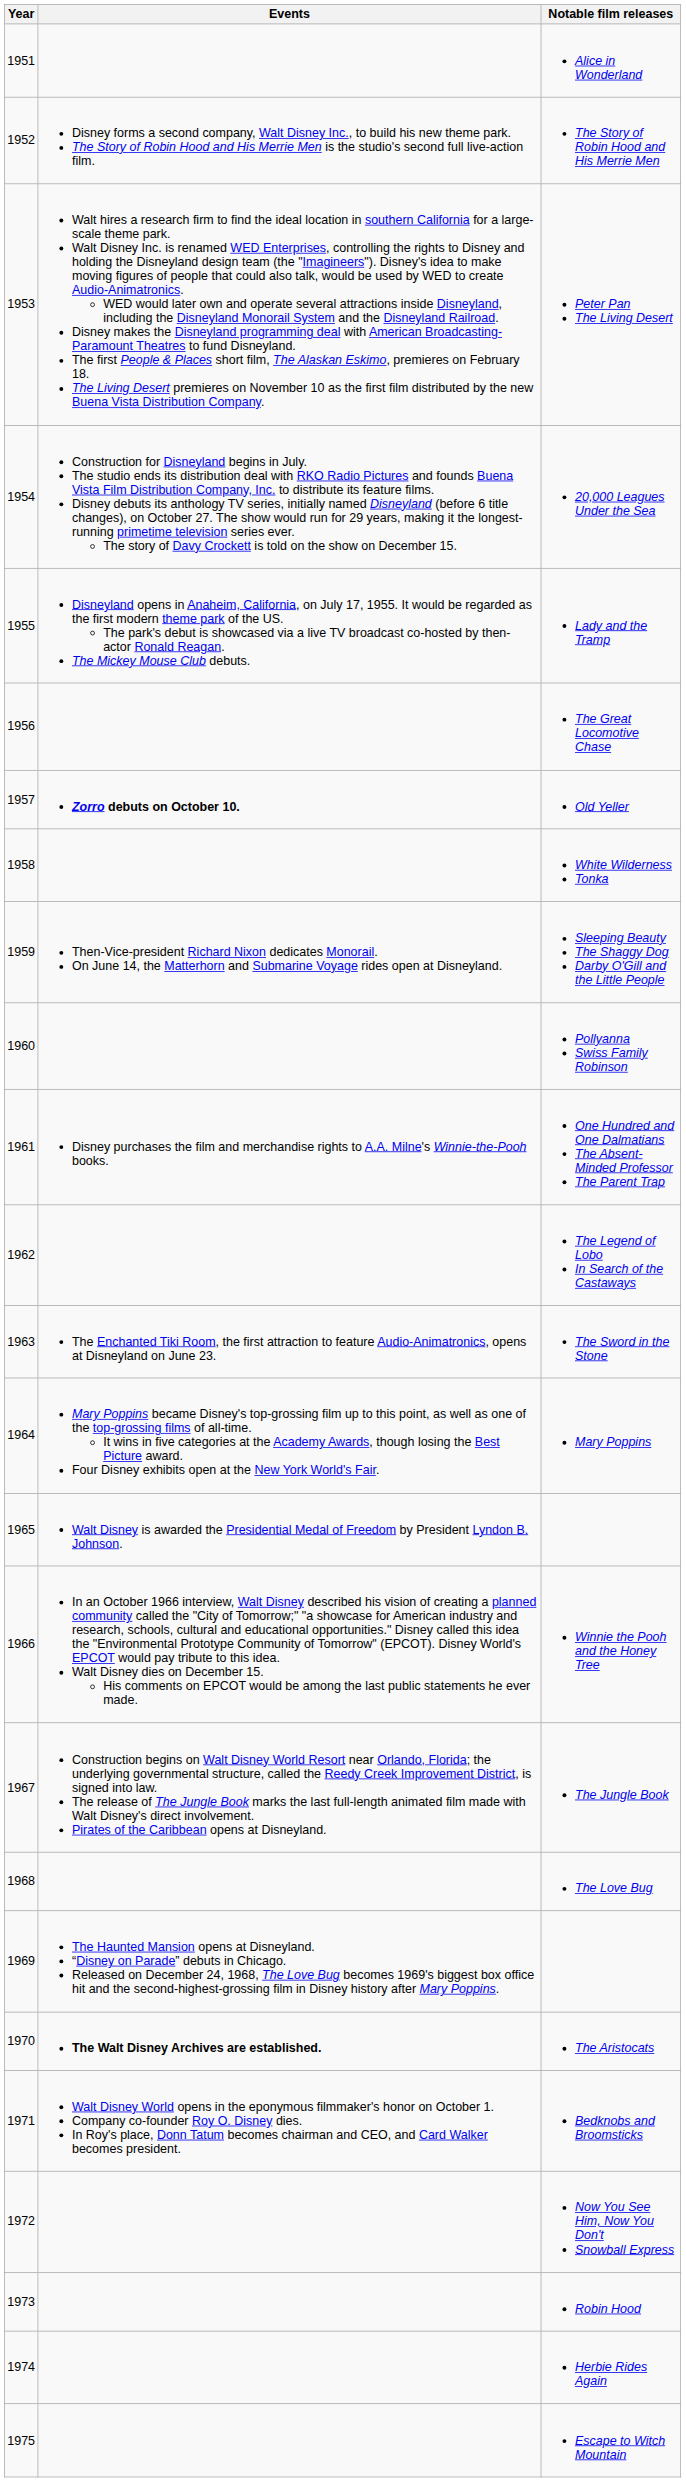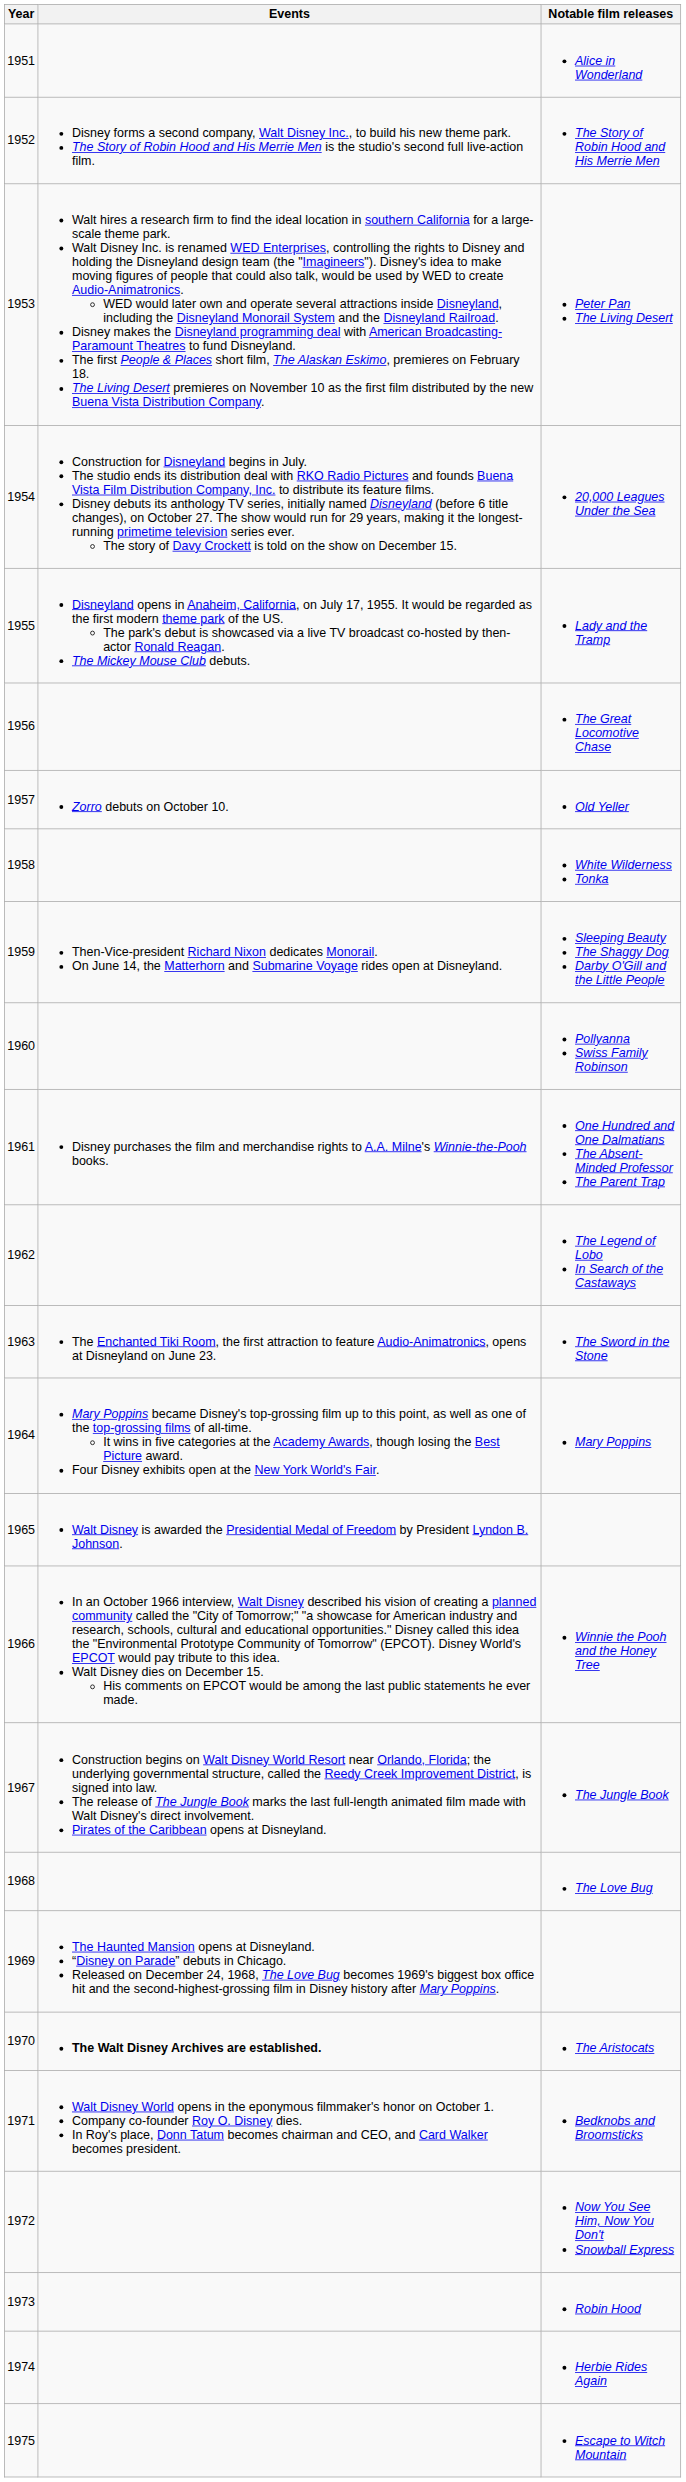 <table class="wikitable">
 <tr>
 <th>Year</th>
 <th>Events</th>
 <th>Notable film releases</th>
 </tr>
 <tr>
 <td>1951</td>
 <td></td>
 <td><br><ul><li><em><a href='#'>Alice in Wonderland</a></em></li></ul></td>
 </tr>
 <tr>
 <td>1952</td>
 <td><br><ul><li>Disney forms a second company, <a href='#'>Walt Disney Inc.</a>, to build his new theme park.</li><li><em><a href='#'>The Story of Robin Hood and His Merrie Men</a></em> is the studio's second full live-action film.</li></ul></td>
 <td><br><ul><li><em><a href='#'>The Story of Robin Hood and His Merrie Men</a></em></li></ul></td>
 </tr>
 <tr>
 <td>1953</td>
 <td><br><ul><li>Walt hires a research firm to find the ideal location in <a href='#'>southern California</a> for a large-scale theme park.</li><li>Walt Disney Inc. is renamed <a href='#'>WED Enterprises</a>, controlling the rights to Disney and holding the Disneyland design team (the "<a href='#'>Imagineers</a>"). Disney's idea to make moving figures of people that could also talk, would be used by WED to create <a href='#'>Audio-Animatronics</a>.<ul><li>WED would later own and operate several attractions inside <a href='#'>Disneyland</a>, including the <a href='#'>Disneyland Monorail System</a> and the <a href='#'>Disneyland Railroad</a>.</li></ul></li><li>Disney makes the <a href='#'>Disneyland programming deal</a> with <a href='#'>American Broadcasting-Paramount Theatres</a> to fund Disneyland.</li><li>The first <em><a href='#'>People & Places</a></em> short film, <em><a href='#'>The Alaskan Eskimo</a></em>, premieres on February 18.</li><li><em><a href='#'>The Living Desert</a></em> premieres on November 10 as the first film distributed by the new <a href='#'>Buena Vista Distribution Company</a>.</li></ul></td>
 <td><br><ul><li><em><a href='#'>Peter Pan</a></em></li><li><em><a href='#'>The Living Desert</a></em></li></ul></td>
 </tr>
 <tr>
 <td>1954</td>
 <td><br><ul><li>Construction for <a href='#'>Disneyland</a> begins in July.</li><li>The studio ends its distribution deal with <a href='#'>RKO Radio Pictures</a> and founds <a href='#'>Buena Vista Film Distribution Company, Inc.</a> to distribute its feature films.</li><li>Disney debuts its anthology TV series, initially named <em><a href='#'>Disneyland</a></em> (before 6 title changes), on October 27. The show would run for 29 years, making it the longest-running <a href='#'>primetime television</a> series ever.<ul><li>The story of <a href='#'>Davy Crockett</a> is told on the show on December 15.</li></ul></li></ul></td>
 <td><br><ul><li><em><a href='#'>20,000 Leagues Under the Sea</a></em></li></ul></td>
 </tr>
 <tr>
 <td>1955</td>
 <td><br><ul><li><a href='#'>Disneyland</a> opens in <a href='#'>Anaheim, California</a>, on July 17, 1955. It would be regarded as the first modern <a href='#'>theme park</a> of the US.<ul><li>The park's debut is showcased via a live TV broadcast co-hosted by then-actor <a href='#'>Ronald Reagan</a>.</li></ul></li><li><em><a href='#'>The Mickey Mouse Club</a></em> debuts.</li></ul></td>
 <td><br><ul><li><em><a href='#'>Lady and the Tramp</a></em></li></ul></td>
 </tr>
 <tr>
 <td>1956</td>
 <td></td>
 <td><br><ul><li><em><a href='#'>The Great Locomotive Chase</a></em></li></ul></td>
 </tr>
 <tr>
 <td>1957</td>
-<td><strong><br><ul><li><em><a href='#'>Zorro</a></em> debuts on October 10.</li></ul></strong></td>
+<td><br><ul><li><em><a href='#'>Zorro</a></em> debuts on October 10.</li></ul></td>
 <td><br><ul><li><em><a href='#'>Old Yeller</a></em></li></ul></td>
 </tr>
 <tr>
 <td>1958</td>
 <td></td>
 <td><br><ul><li><em><a href='#'>White Wilderness</a></em></li><li><em><a href='#'>Tonka</a></em></li></ul></td>
 </tr>
 <tr>
 <td>1959</td>
 <td><br><ul><li>Then-Vice-president <a href='#'>Richard Nixon</a> dedicates <a href='#'>Monorail</a>.</li><li>On June 14, the <a href='#'>Matterhorn</a> and <a href='#'>Submarine Voyage</a> rides open at Disneyland.</li></ul></td>
 <td><br><ul><li><em><a href='#'>Sleeping Beauty</a></em></li><li><em><a href='#'>The Shaggy Dog</a></em></li><li><em><a href='#'>Darby O'Gill and the Little People</a></em></li></ul></td>
 </tr>
 <tr>
 <td>1960</td>
 <td></td>
 <td><br><ul><li><em><a href='#'>Pollyanna</a></em></li><li><em><a href='#'>Swiss Family Robinson</a></em></li></ul></td>
 </tr>
 <tr>
 <td>1961</td>
 <td><br><ul><li>Disney purchases the film and merchandise rights to <a href='#'>A.A. Milne</a>'s <em><a href='#'>Winnie-the-Pooh</a></em> books.</li></ul></td>
 <td><br><ul><li><em><a href='#'>One Hundred and One Dalmatians</a></em></li><li><em><a href='#'>The Absent-Minded Professor</a></em></li><li><em><a href='#'>The Parent Trap</a></em></li></ul></td>
 </tr>
 <tr>
 <td>1962</td>
 <td></td>
 <td><br><ul><li><em><a href='#'>The Legend of Lobo</a></em></li><li><em><a href='#'>In Search of the Castaways</a></em></li></ul></td>
 </tr>
 <tr>
 <td>1963</td>
 <td><br><ul><li>The <a href='#'>Enchanted Tiki Room</a>, the first attraction to feature <a href='#'>Audio-Animatronics</a>, opens at Disneyland on June 23.</li></ul></td>
 <td><br><ul><li><em><a href='#'>The Sword in the Stone</a></em></li></ul></td>
 </tr>
 <tr>
 <td>1964</td>
 <td><br><ul><li><em><a href='#'>Mary Poppins</a></em> became Disney's top-grossing film up to this point, as well as one of the <a href='#'>top-grossing films</a> of all-time.<ul><li>It wins in five categories at the <a href='#'>Academy Awards</a>, though losing the <a href='#'>Best Picture</a> award.<em></em></li></ul></li><li>Four Disney exhibits open at the <a href='#'>New York World's Fair</a>.</li></ul></td>
 <td><br><ul><li><em><a href='#'>Mary Poppins</a></em></li></ul></td>
 </tr>
 <tr>
 <td>1965</td>
 <td><br><ul><li><a href='#'>Walt Disney</a> is awarded the <a href='#'>Presidential Medal of Freedom</a> by President <a href='#'>Lyndon B. Johnson</a>.</li></ul></td>
 <td></td>
 </tr>
 <tr>
 <td>1966</td>
 <td><br><ul><li>In an October 1966 interview, <a href='#'>Walt Disney</a> described his vision of creating a <a href='#'>planned community</a> called the "City of Tomorrow;" "a showcase for American industry and research, schools, cultural and educational opportunities." Disney called this idea the "Environmental Prototype Community of Tomorrow" (EPCOT). Disney World's <a href='#'>EPCOT</a> would pay tribute to this idea.</li><li>Walt Disney dies on December 15.<ul><li>His comments on EPCOT would be among the last public statements he ever made.</li></ul></li></ul></td>
 <td><br><ul><li><em><a href='#'>Winnie the Pooh and the Honey Tree</a></em></li></ul></td>
 </tr>
 <tr>
 <td>1967</td>
 <td><br><ul><li>Construction begins on <a href='#'>Walt Disney World Resort</a> near <a href='#'>Orlando, Florida</a>; the underlying governmental structure, called the <a href='#'>Reedy Creek Improvement District</a>, is signed into law.</li><li>The release of <em><a href='#'>The Jungle Book</a></em> marks the last full-length animated film made with Walt Disney's direct involvement.</li><li><a href='#'>Pirates of the Caribbean</a> opens at Disneyland.</li></ul></td>
 <td><br><ul><li><em><a href='#'>The Jungle Book</a></em></li></ul></td>
 </tr>
 <tr>
 <td>1968</td>
 <td></td>
 <td><br><ul><li><em><a href='#'>The Love Bug</a></em></li></ul></td>
 </tr>
 <tr>
 <td>1969</td>
 <td><br><ul><li><a href='#'>The Haunted Mansion</a> opens at Disneyland.</li><li>“<a href='#'>Disney on Parade</a>” debuts in Chicago.</li><li>Released on December 24, 1968, <em><a href='#'>The Love Bug</a></em> becomes 1969's biggest box office hit and the second-highest-grossing film in Disney history after <em><a href='#'>Mary Poppins</a></em>.</li></ul></td>
 <td></td>
 </tr>
 <tr>
 <td>1970</td>
 <td><strong><br><ul><li>The Walt Disney Archives are established.</li></ul></strong></td>
 <td><br><ul><li><em><a href='#'>The Aristocats</a></em></li></ul></td>
 </tr>
 <tr>
 <td>1971</td>
 <td><br><ul><li><a href='#'>Walt Disney World</a> opens in the eponymous filmmaker's honor on October 1.</li><li>Company co-founder <a href='#'>Roy O. Disney</a> dies.</li><li>In Roy's place, <a href='#'>Donn Tatum</a> becomes chairman and CEO, and <a href='#'>Card Walker</a> becomes president.</li></ul></td>
 <td><br><ul><li><em><a href='#'>Bedknobs and Broomsticks</a></em></li></ul></td>
 </tr>
 <tr>
 <td>1972</td>
 <td></td>
 <td><br><ul><li><em><a href='#'>Now You See Him, Now You Don't</a></em></li><li><em><a href='#'>Snowball Express</a></em></li></ul></td>
 </tr>
 <tr>
 <td>1973</td>
 <td></td>
 <td><br><ul><li><em><a href='#'>Robin Hood</a></em></li></ul></td>
 </tr>
 <tr>
 <td>1974</td>
 <td></td>
 <td><br><ul><li><em><a href='#'>Herbie Rides Again</a></em></li></ul></td>
 </tr>
 <tr>
 <td>1975</td>
 <td></td>
 <td><br><ul><li><em><a href='#'>Escape to Witch Mountain</a></em></li></ul></td>
 </tr>
 </table>
